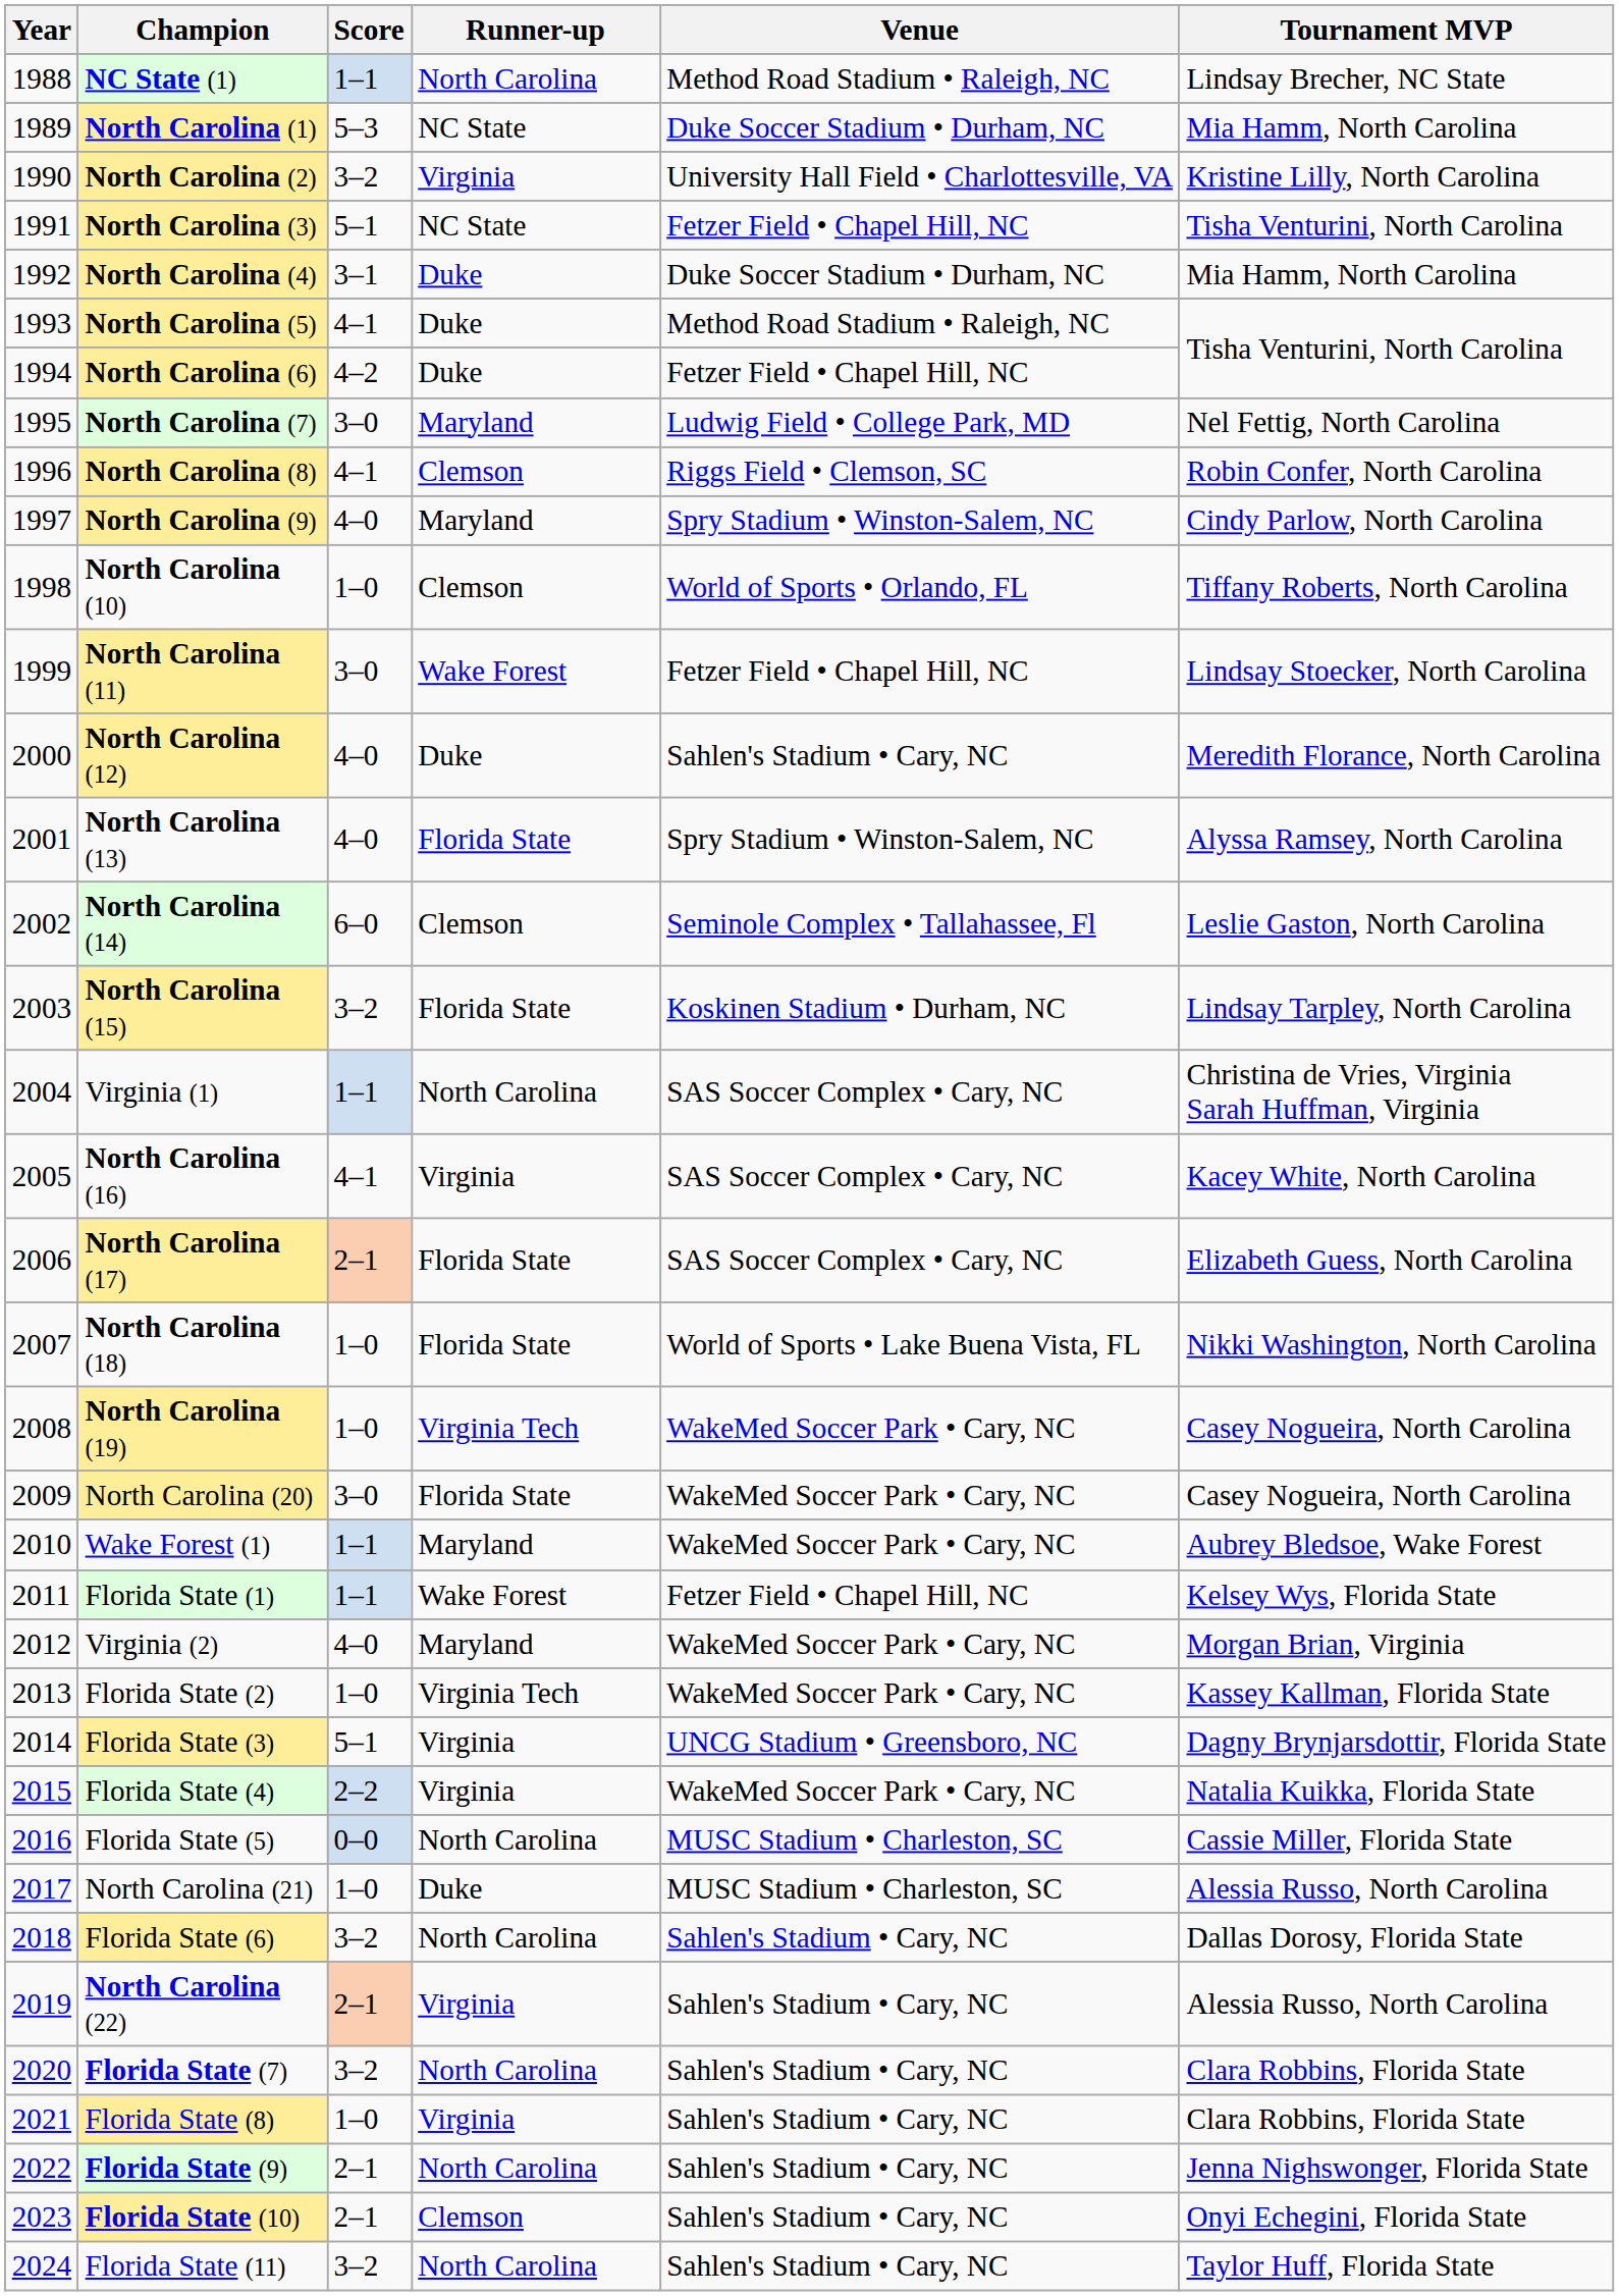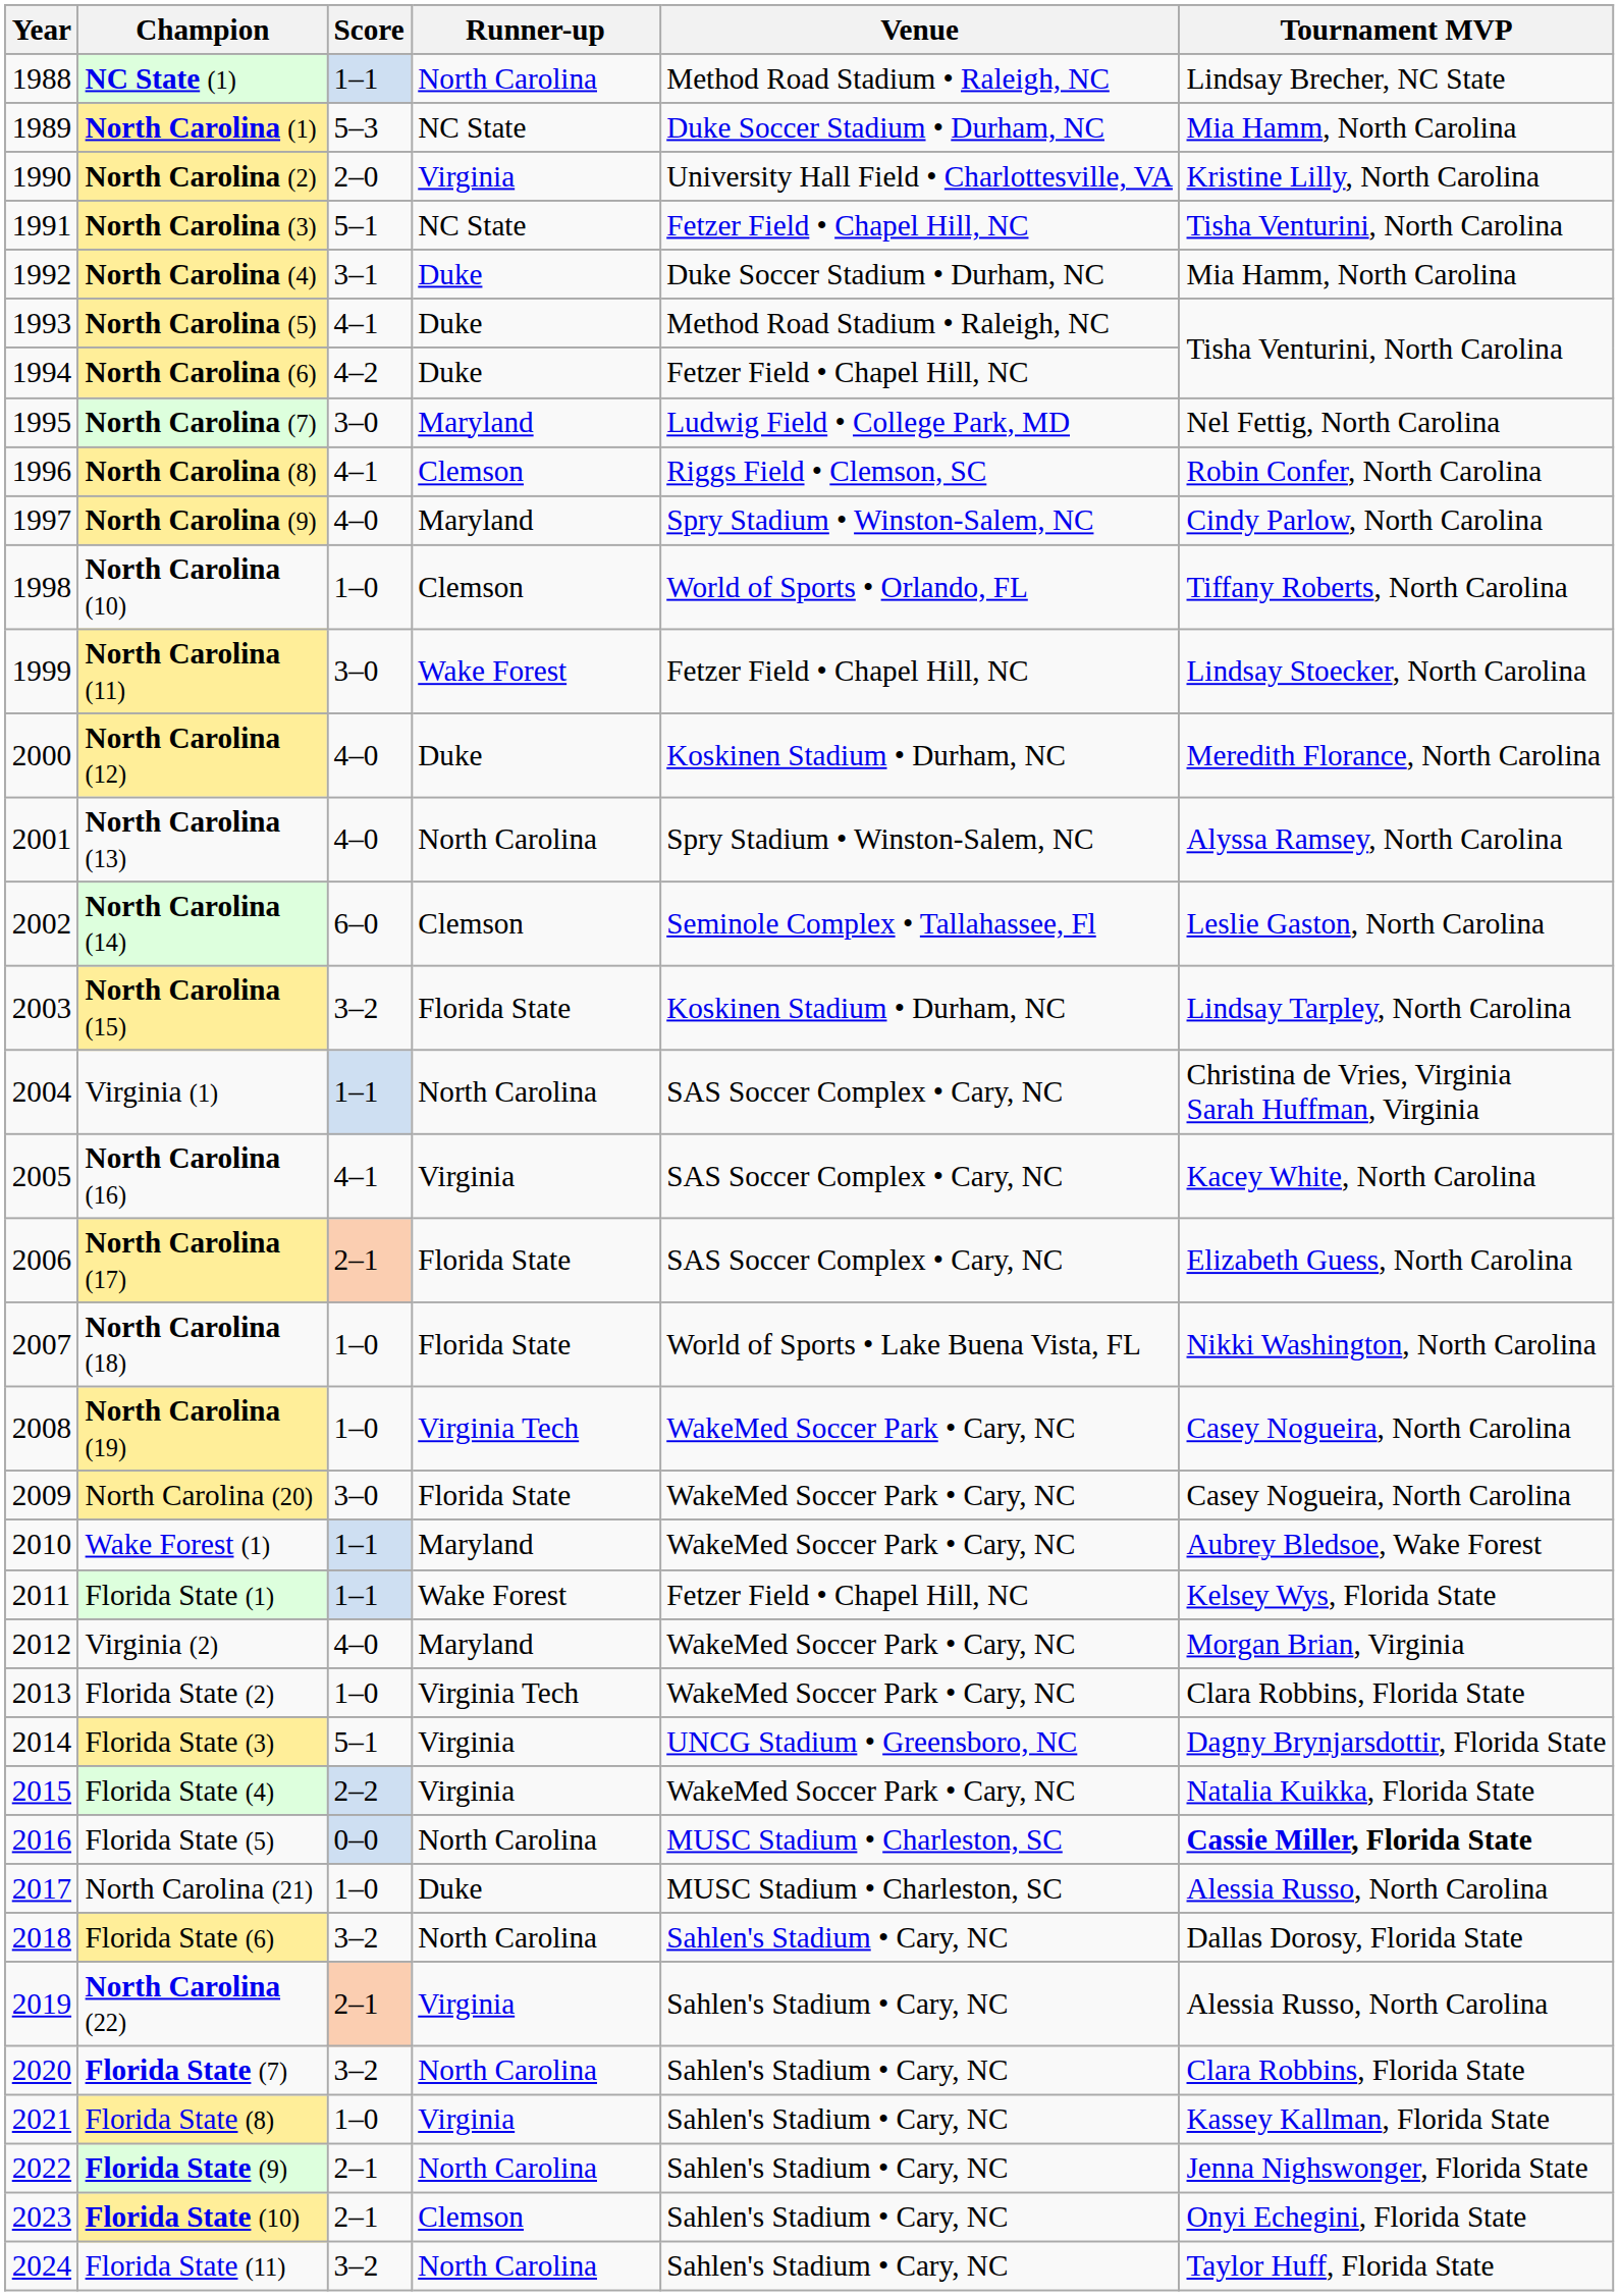 <table class="wikitable sortable"; style= font-size:95%>
 <tr>
 <th width=px>Year</th>
 <th width=120px>Champion</th>
 <th width=px>Score</th>
 <th width=120px>Runner-up</th>
 <th width=px>Venue</th>
 <th width=px>Tournament MVP</th>
 </tr>
 <tr>
 <td>1988</td>
 <td bgcolor="#ddffdd"><strong><a href='#'>NC State</a></strong> <small>(1)</small></td>
 <td style="background-color:#cedff2">1–1 </td>
 <td><a href='#'>North Carolina</a></td>
 <td>Method Road Stadium • <a href='#'>Raleigh, NC</a></td>
 <td>Lindsay Brecher, NC State</td>
 </tr>
 <tr>
 <td>1989</td>
 <td bgcolor="#FFEE99"><strong><a href='#'>North Carolina</a></strong> <small>(1)</small></td>
 <td>5–3</td>
 <td>NC State</td>
 <td><a href='#'>Duke Soccer Stadium</a> • <a href='#'>Durham, NC</a></td>
 <td><a href='#'>Mia Hamm</a>, North Carolina</td>
 </tr>
 <tr>
 <td>1990</td>
 <td bgcolor="#FFEE99"><strong>North Carolina</strong> <small>(2)</small></td>
-<td>3–2</td>
+<td>2–0</td>
 <td><a href='#'>Virginia</a></td>
 <td>University Hall Field • <a href='#'>Charlottesville, VA</a></td>
 <td><a href='#'>Kristine Lilly</a>, North Carolina</td>
 </tr>
 <tr>
 <td>1991</td>
 <td bgcolor="#FFEE99"><strong>North Carolina</strong> <small>(3)</small></td>
 <td>5–1</td>
 <td>NC State</td>
 <td><a href='#'>Fetzer Field</a> • <a href='#'>Chapel Hill, NC</a></td>
 <td><a href='#'>Tisha Venturini</a>, North Carolina</td>
 </tr>
 <tr>
 <td>1992</td>
 <td bgcolor="#FFEE99"><strong>North Carolina</strong> <small>(4)</small></td>
 <td>3–1</td>
 <td><a href='#'>Duke</a></td>
 <td>Duke Soccer Stadium • Durham, NC</td>
 <td>Mia Hamm, North Carolina</td>
 </tr>
 <tr>
 <td>1993</td>
 <td bgcolor="#FFEE99"><strong>North Carolina</strong> <small>(5)</small></td>
 <td>4–1</td>
 <td>Duke</td>
 <td>Method Road Stadium • Raleigh, NC</td>
 <td rowspan=2>Tisha Venturini, North Carolina</td>
 </tr>
 <tr>
 <td>1994</td>
 <td bgcolor="#FFEE99"><strong>North Carolina</strong> <small>(6)</small></td>
 <td>4–2</td>
 <td>Duke</td>
 <td>Fetzer Field • Chapel Hill, NC</td>
 </tr>
 <tr>
 <td>1995</td>
 <td bgcolor="#ddffdd"><strong>North Carolina</strong> <small>(7)</small></td>
 <td>3–0</td>
 <td><a href='#'>Maryland</a></td>
 <td><a href='#'>Ludwig Field</a> • <a href='#'>College Park, MD</a></td>
 <td>Nel Fettig, North Carolina</td>
 </tr>
 <tr>
 <td>1996</td>
 <td bgcolor="#FFEE99"><strong>North Carolina</strong> <small>(8)</small></td>
 <td>4–1</td>
 <td><a href='#'>Clemson</a></td>
 <td><a href='#'>Riggs Field</a> • <a href='#'>Clemson, SC</a></td>
 <td><a href='#'>Robin Confer</a>, North Carolina</td>
 </tr>
 <tr>
 <td>1997</td>
 <td bgcolor="#FFEE99"><strong>North Carolina</strong> <small>(9)</small></td>
 <td>4–0</td>
 <td>Maryland</td>
 <td><a href='#'>Spry Stadium</a> • <a href='#'>Winston-Salem, NC</a></td>
 <td><a href='#'>Cindy Parlow</a>, North Carolina</td>
 </tr>
 <tr>
 <td>1998</td>
 <td><strong>North Carolina</strong> <small>(10)</small></td>
 <td>1–0</td>
 <td>Clemson</td>
 <td><a href='#'>World of Sports</a> • <a href='#'>Orlando, FL</a></td>
 <td><a href='#'>Tiffany Roberts</a>, North Carolina</td>
 </tr>
 <tr>
 <td>1999</td>
 <td bgcolor="#FFEE99"><strong>North Carolina</strong> <small>(11)</small></td>
 <td>3–0</td>
 <td><a href='#'>Wake Forest</a></td>
 <td>Fetzer Field • Chapel Hill, NC</td>
 <td><a href='#'>Lindsay Stoecker</a>, North Carolina</td>
 </tr>
 <tr>
 <td>2000</td>
 <td bgcolor="#FFEE99"><strong>North Carolina</strong> <small>(12)</small></td>
 <td>4–0</td>
 <td>Duke</td>
-<td>Sahlen's Stadium • Cary, NC</td>
+<td><a href='#'>Koskinen Stadium</a> • Durham, NC</td>
 <td><a href='#'>Meredith Florance</a>, North Carolina</td>
 </tr>
 <tr>
 <td>2001</td>
 <td><strong>North Carolina</strong> <small>(13)</small></td>
 <td>4–0</td>
-<td><a href='#'>Florida State</a></td>
+<td>North Carolina</td>
 <td>Spry Stadium • Winston-Salem, NC</td>
 <td><a href='#'>Alyssa Ramsey</a>, North Carolina</td>
 </tr>
 <tr>
 <td>2002</td>
 <td bgcolor="#ddffdd"><strong>North Carolina</strong> <small>(14)</small></td>
 <td>6–0</td>
 <td>Clemson</td>
 <td><a href='#'>Seminole Complex</a> • <a href='#'>Tallahassee, Fl</a></td>
 <td><a href='#'>Leslie Gaston</a>, North Carolina</td>
 </tr>
 <tr>
 <td>2003</td>
 <td bgcolor="#FFEE99"><strong>North Carolina</strong> <small>(15)</small></td>
 <td>3–2</td>
 <td>Florida State</td>
 <td><a href='#'>Koskinen Stadium</a> • Durham, NC</td>
 <td><a href='#'>Lindsay Tarpley</a>, North Carolina</td>
 </tr>
 <tr>
 <td>2004</td>
 <td>Virginia <small>(1)</small></td>
 <td style="background-color:#cedff2">1–1 </td>
 <td>North Carolina</td>
 <td>SAS Soccer Complex • Cary, NC</td>
 <td>Christina de Vries, Virginia <br> <a href='#'>Sarah Huffman</a>, Virginia</td>
 </tr>
 <tr>
 <td>2005</td>
 <td><strong>North Carolina</strong> <small>(16)</small></td>
 <td>4–1</td>
 <td>Virginia</td>
 <td>SAS Soccer Complex • Cary, NC</td>
 <td><a href='#'>Kacey White</a>, North Carolina</td>
 </tr>
 <tr>
 <td>2006</td>
 <td bgcolor="#FFEE99"><strong>North Carolina</strong> <small>(17)</small></td>
 <td style="background-color:#FBCEB1">2–1 </td>
 <td>Florida State</td>
 <td>SAS Soccer Complex • Cary, NC</td>
 <td><a href='#'>Elizabeth Guess</a>, North Carolina</td>
 </tr>
 <tr>
 <td>2007</td>
 <td><strong>North Carolina</strong> <small>(18)</small></td>
 <td>1–0</td>
 <td>Florida State</td>
 <td>World of Sports • Lake Buena Vista, FL</td>
 <td><a href='#'>Nikki Washington</a>, North Carolina</td>
 </tr>
 <tr>
 <td>2008</td>
 <td bgcolor="#FFEE99"><strong>North Carolina</strong> <small>(19)</small></td>
 <td>1–0</td>
 <td><a href='#'>Virginia Tech</a></td>
 <td><a href='#'>WakeMed Soccer Park</a> • Cary, NC</td>
 <td><a href='#'>Casey Nogueira</a>, North Carolina</td>
 </tr>
 <tr>
 <td>2009</td>
 <td bgcolor="#FFEE99">North Carolina <small>(20)</small></td>
 <td>3–0</td>
 <td>Florida State</td>
 <td>WakeMed Soccer Park • Cary, NC</td>
 <td>Casey Nogueira, North Carolina</td>
 </tr>
 <tr>
 <td>2010</td>
 <td><a href='#'>Wake Forest</a> <small>(1)</small></td>
 <td style="background-color:#cedff2">1–1 </td>
 <td>Maryland</td>
 <td>WakeMed Soccer Park • Cary, NC</td>
 <td><a href='#'>Aubrey Bledsoe</a>, Wake Forest</td>
 </tr>
 <tr>
 <td>2011</td>
 <td bgcolor="#ddffdd">Florida State <small>(1)</small></td>
 <td style="background-color:#cedff2">1–1 </td>
 <td>Wake Forest</td>
 <td>Fetzer Field • Chapel Hill, NC</td>
 <td><a href='#'>Kelsey Wys</a>, Florida State</td>
 </tr>
 <tr>
 <td>2012</td>
 <td>Virginia <small>(2)</small></td>
 <td>4–0</td>
 <td>Maryland</td>
 <td>WakeMed Soccer Park • Cary, NC</td>
 <td><a href='#'>Morgan Brian</a>, Virginia</td>
 </tr>
 <tr>
 <td>2013</td>
 <td>Florida State <small>(2)</small></td>
 <td>1–0</td>
 <td>Virginia Tech</td>
 <td>WakeMed Soccer Park • Cary, NC</td>
-<td><a href='#'>Kassey Kallman</a>, Florida State</td>
+<td>Clara Robbins, Florida State</td>
 </tr>
 <tr>
 <td>2014</td>
 <td bgcolor="#FFEE99">Florida State <small>(3)</small></td>
 <td>5–1</td>
 <td>Virginia</td>
 <td><a href='#'>UNCG Stadium</a> • <a href='#'>Greensboro, NC</a></td>
 <td><a href='#'>Dagny Brynjarsdottir</a>, Florida State</td>
 </tr>
 <tr>
 <td><a href='#'>2015</a></td>
 <td bgcolor="#ddffdd">Florida State <small>(4)</small></td>
 <td style="background-color:#cedff2">2–2 </td>
 <td>Virginia</td>
 <td>WakeMed Soccer Park • Cary, NC</td>
 <td><a href='#'>Natalia Kuikka</a>, Florida State</td>
 </tr>
 <tr>
 <td><a href='#'>2016</a></td>
 <td>Florida State <small>(5)</small></td>
 <td style="background-color:#cedff2">0–0 </td>
 <td>North Carolina</td>
 <td><a href='#'>MUSC Stadium</a> • <a href='#'>Charleston, SC</a></td>
-<td><a href='#'>Cassie Miller</a>, Florida State</td>
+<td><strong><a href='#'>Cassie Miller</a>, Florida State</strong></td>
 </tr>
 <tr>
 <td><a href='#'>2017</a></td>
 <td>North Carolina <small>(21)</small></td>
 <td>1–0</td>
 <td>Duke</td>
 <td>MUSC Stadium • Charleston, SC</td>
 <td><a href='#'>Alessia Russo</a>, North Carolina</td>
 </tr>
 <tr>
 <td><a href='#'>2018</a></td>
 <td bgcolor="#FFEE99">Florida State <small>(6)</small></td>
 <td>3–2</td>
 <td>North Carolina</td>
 <td><a href='#'>Sahlen's Stadium</a> • Cary, NC</td>
 <td>Dallas Dorosy, Florida State</td>
 </tr>
 <tr>
 <td><a href='#'>2019</a></td>
 <td><strong><a href='#'>North Carolina</a></strong> <small>(22)</small></td>
 <td style="background-color:#FBCEB1">2–1 </td>
 <td><a href='#'>Virginia</a></td>
 <td>Sahlen's Stadium • Cary, NC</td>
 <td>Alessia Russo, North Carolina</td>
 </tr>
 <tr>
 <td><a href='#'>2020</a></td>
 <td><strong><a href='#'>Florida State</a></strong> <small>(7)</small></td>
 <td>3–2</td>
 <td><a href='#'>North Carolina</a></td>
 <td>Sahlen's Stadium • Cary, NC</td>
 <td><a href='#'>Clara Robbins</a>, Florida State</td>
 </tr>
 <tr>
 <td><a href='#'>2021</a></td>
 <td bgcolor="#FFEE99"><a href='#'>Florida State</a> <small>(8)</small></td>
 <td>1–0</td>
 <td><a href='#'>Virginia</a></td>
 <td>Sahlen's Stadium • Cary, NC</td>
-<td>Clara Robbins, Florida State</td>
+<td><a href='#'>Kassey Kallman</a>, Florida State</td>
 </tr>
 <tr>
 <td><a href='#'>2022</a></td>
 <td bgcolor="#ddffdd"><strong><a href='#'>Florida State</a></strong> <small>(9)</small></td>
 <td>2–1</td>
 <td><a href='#'>North Carolina</a></td>
 <td>Sahlen's Stadium • Cary, NC</td>
 <td><a href='#'>Jenna Nighswonger</a>, Florida State</td>
 </tr>
 <tr>
 <td><a href='#'>2023</a></td>
 <td bgcolor="#FFEE99"><strong><a href='#'>Florida State</a></strong> <small>(10)</small></td>
 <td>2–1</td>
 <td><a href='#'>Clemson</a></td>
 <td>Sahlen's Stadium • Cary, NC</td>
 <td><a href='#'>Onyi Echegini</a>, Florida State</td>
 </tr>
 <tr>
 <td><a href='#'>2024</a></td>
 <td><a href='#'>Florida State</a> <small>(11)</small></td>
 <td>3–2</td>
 <td><a href='#'>North Carolina</a></td>
 <td>Sahlen's Stadium • Cary, NC</td>
 <td><a href='#'>Taylor Huff</a>, Florida State</td>
 </tr>
 </table>
